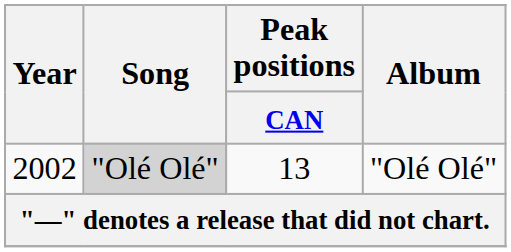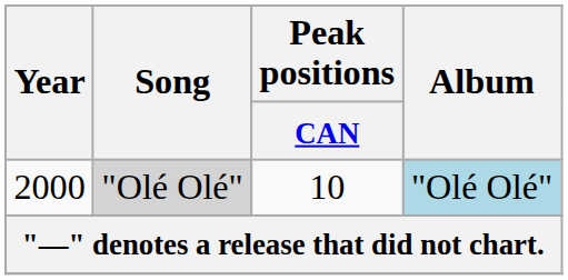 <table class="wikitable">
 <tr>
 <th rowspan="2">Year</th>
 <th rowspan="2">Song</th>
 <th colspan="1">Peak positions</th>
 <th rowspan="2">Album</th>
 </tr>
 <tr>
 <th width="40"><small><a href='#'>CAN</a></small><br></th>
 </tr>
 <tr>
-<td>2002</td>
+<td>2000</td>
 <td style="background: lightgrey;">"Olé Olé"</td>
-<td align="center">13</td>
-<td>"Olé Olé"</td>
+<td align="center">10</td>
+<td style="background: lightblue;">"Olé Olé"</td>
 </tr>
 <tr>
 <th colspan="10"><small>"—" denotes a release that did not chart.</small></th>
 </tr>
 <tr>
 </tr>
 </table>
